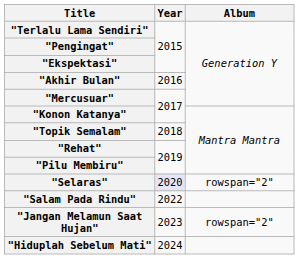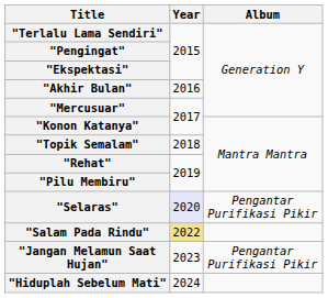 <table class="wikitable plainrowheaders" style="text-align:center;">
 <tr>
 <th scope="col" style="width:14em;">Title</th>
 <th scope="col">Year</th>
 <th scope="col" style="width:10em;">Album</th>
 </tr>
 <tr>
 <th scope="row">"Terlalu Lama Sendiri"</th>
 <td rowspan="3">2015</td>
 <td rowspan="5"><em>Generation Y</em></td>
 </tr>
 <tr>
 <th scope="row">"Pengingat"</th>
 </tr>
 <tr>
 <th scope="row">"Ekspektasi"</th>
 </tr>
 <tr>
 <th scope="row">"Akhir Bulan"</th>
 <td>2016</td>
 </tr>
 <tr>
 <th scope="row">"Mercusuar"</th>
 <td rowspan="2">2017</td>
 </tr>
 <tr>
 <th scope="row">"Konon Katanya"</th>
 <td rowspan="4"><em>Mantra Mantra</em></td>
 </tr>
 <tr>
 <th scope="row">"Topik Semalam"</th>
 <td>2018</td>
 </tr>
 <tr>
 <th scope="row">"Rehat"</th>
 <td rowspan="2">2019</td>
 </tr>
 <tr>
 <th scope="row">"Pilu Membiru"</th>
 </tr>
 <tr>
 <th scope="row">"Selaras"<br></th>
 <td style="background: lavender;">2020</td>
-<td>rowspan="2" </td>
+<td><em>Pengantar Purifikasi Pikir</em></td>
 </tr>
 <tr>
 <th scope="row">"Salam Pada Rindu"</th>
-<td>2022</td>
+<td style="background: khaki;">2022</td>
 </tr>
 <tr>
 <th scope="row">"Jangan Melamun Saat Hujan"</th>
 <td>2023</td>
-<td>rowspan="2" </td>
+<td><em>Pengantar Purifikasi Pikir</em></td>
 </tr>
 <tr>
 <th scope="row">"Hiduplah Sebelum Mati"</th>
 <td>2024</td>
 <td></td>
 </tr>
 </table>
